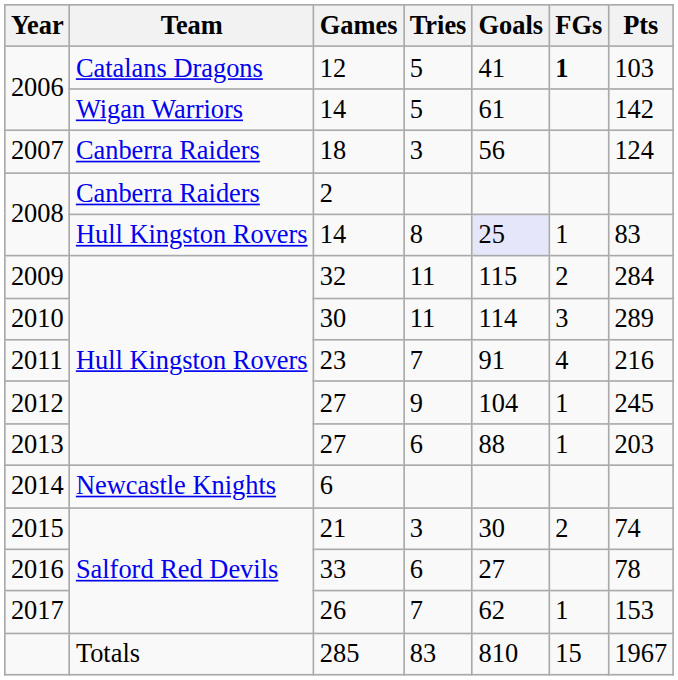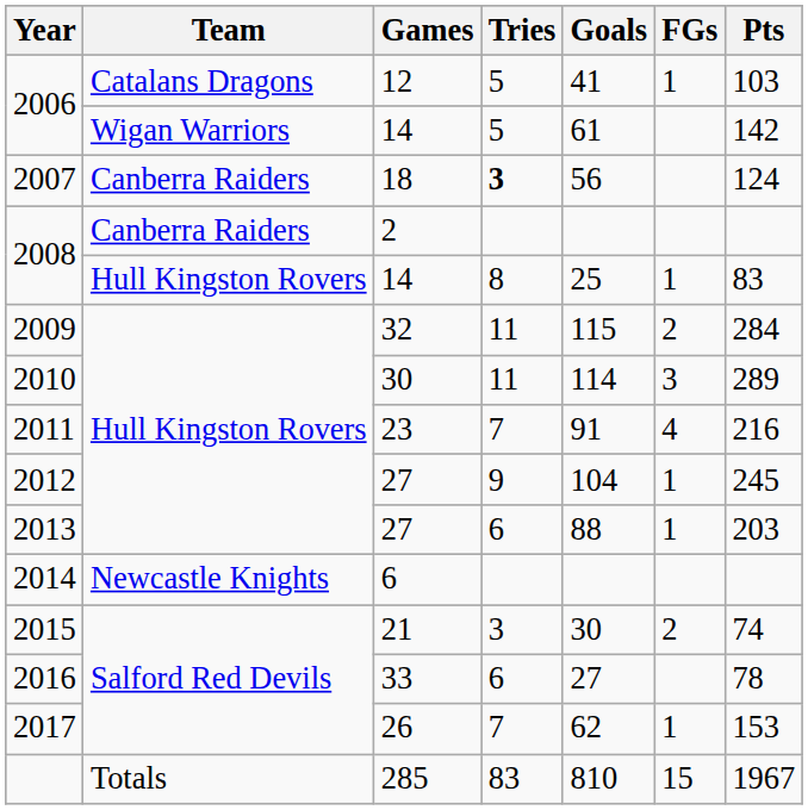 <table class="wikitable">
 <tr>
 <th>Year</th>
 <th>Team</th>
 <th>Games</th>
 <th>Tries</th>
 <th>Goals</th>
 <th>FGs</th>
 <th>Pts</th>
 </tr>
 <tr>
 <td rowspan="2">2006</td>
 <td> <a href='#'>Catalans Dragons</a></td>
 <td>12</td>
 <td>5</td>
 <td>41</td>
-<td><strong>1</strong></td>
+<td>1</td>
 <td>103</td>
 </tr>
 <tr>
 <td> <a href='#'>Wigan Warriors</a></td>
 <td>14</td>
 <td>5</td>
 <td>61</td>
 <td></td>
 <td>142</td>
 </tr>
 <tr>
 <td>2007</td>
 <td> <a href='#'>Canberra Raiders</a></td>
 <td>18</td>
-<td>3</td>
+<td><strong>3</strong></td>
 <td>56</td>
 <td></td>
 <td>124</td>
 </tr>
 <tr>
 <td rowspan="2">2008</td>
 <td> <a href='#'>Canberra Raiders</a></td>
 <td>2</td>
 <td></td>
 <td></td>
 <td></td>
 <td></td>
 </tr>
 <tr>
 <td> <a href='#'>Hull Kingston Rovers</a></td>
 <td>14</td>
 <td>8</td>
-<td style="background: lavender;">25</td>
+<td>25</td>
 <td>1</td>
 <td>83</td>
 </tr>
 <tr>
 <td>2009</td>
 <td rowspan="5"> <a href='#'>Hull Kingston Rovers</a></td>
 <td>32</td>
 <td>11</td>
 <td>115</td>
 <td>2</td>
 <td>284</td>
 </tr>
 <tr>
 <td>2010</td>
 <td>30</td>
 <td>11</td>
 <td>114</td>
 <td>3</td>
 <td>289</td>
 </tr>
 <tr>
 <td>2011</td>
 <td>23</td>
 <td>7</td>
 <td>91</td>
 <td>4</td>
 <td>216</td>
 </tr>
 <tr>
 <td>2012</td>
 <td>27</td>
 <td>9</td>
 <td>104</td>
 <td>1</td>
 <td>245</td>
 </tr>
 <tr>
 <td>2013</td>
 <td>27</td>
 <td>6</td>
 <td>88</td>
 <td>1</td>
 <td>203</td>
 </tr>
 <tr>
 <td>2014</td>
 <td> <a href='#'>Newcastle Knights</a></td>
 <td>6</td>
 <td></td>
 <td></td>
 <td></td>
 <td></td>
 </tr>
 <tr>
 <td>2015</td>
 <td rowspan="3"> <a href='#'>Salford Red Devils</a></td>
 <td>21</td>
 <td>3</td>
 <td>30</td>
 <td>2</td>
 <td>74</td>
 </tr>
 <tr>
 <td>2016</td>
 <td>33</td>
 <td>6</td>
 <td>27</td>
 <td></td>
 <td>78</td>
 </tr>
 <tr>
 <td>2017</td>
 <td>26</td>
 <td>7</td>
 <td>62</td>
 <td>1</td>
 <td>153</td>
 </tr>
 <tr>
 <td></td>
 <td>Totals</td>
 <td>285</td>
 <td>83</td>
 <td>810</td>
 <td>15</td>
 <td>1967</td>
 </tr>
 </table>
